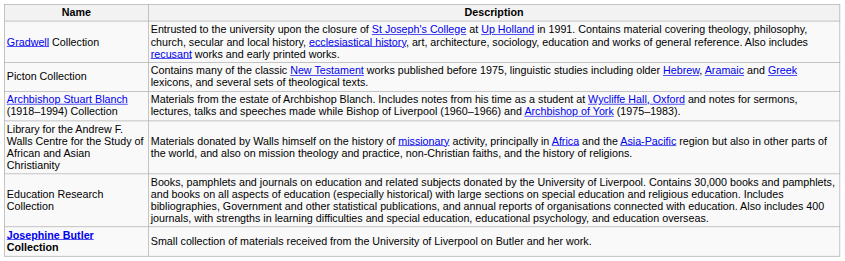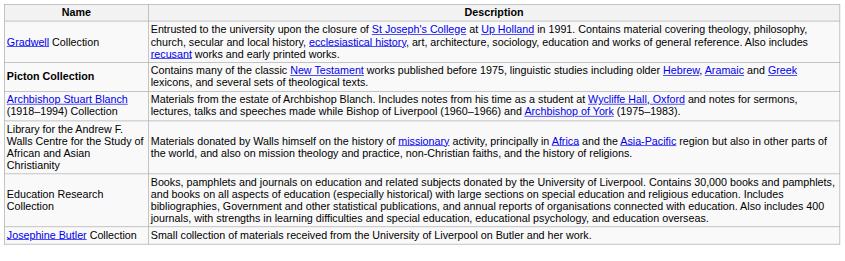 <table class="wikitable">
 <tr>
 <th>Name</th>
 <th>Description</th>
 </tr>
 <tr>
 <td><a href='#'>Gradwell</a> Collection</td>
 <td>Entrusted to the university upon the closure of <a href='#'>St Joseph's College</a> at <a href='#'>Up Holland</a> in 1991. Contains material covering theology, philosophy, church, secular and local history, <a href='#'>ecclesiastical history</a>, art, architecture, sociology, education and works of general reference. Also includes <a href='#'>recusant</a> works and early printed works.</td>
 </tr>
 <tr>
-<td>Picton Collection</td>
+<td><strong>Picton Collection</strong></td>
 <td>Contains many of the classic <a href='#'>New Testament</a> works published before 1975, linguistic studies including older <a href='#'>Hebrew</a>, <a href='#'>Aramaic</a> and <a href='#'>Greek</a> lexicons, and several sets of theological texts.</td>
 </tr>
 <tr>
 <td><a href='#'>Archbishop Stuart Blanch</a> (1918–1994) Collection</td>
 <td>Materials from the estate of Archbishop Blanch. Includes notes from his time as a student at <a href='#'>Wycliffe Hall, Oxford</a> and notes for sermons, lectures, talks and speeches made while Bishop of Liverpool (1960–1966) and <a href='#'>Archbishop of York</a> (1975–1983).</td>
 </tr>
 <tr>
 <td>Library for the Andrew F. Walls Centre for the Study of African and Asian Christianity</td>
 <td>Materials donated by Walls himself on the history of <a href='#'>missionary</a> activity, principally in <a href='#'>Africa</a> and the <a href='#'>Asia-Pacific</a> region but also in other parts of the world, and also on mission theology and practice, non-Christian faiths, and the history of religions.</td>
 </tr>
 <tr>
 <td>Education Research Collection</td>
 <td>Books, pamphlets and journals on education and related subjects donated by the University of Liverpool. Contains 30,000 books and pamphlets, and books on all aspects of education (especially historical) with large sections on special education and religious education. Includes bibliographies, Government and other statistical publications, and annual reports of organisations connected with education. Also includes 400 journals, with strengths in learning difficulties and special education, educational psychology, and education overseas.</td>
 </tr>
 <tr>
-<td><strong><a href='#'>Josephine Butler</a> Collection</strong></td>
+<td><a href='#'>Josephine Butler</a> Collection</td>
 <td>Small collection of materials received from the University of Liverpool on Butler and her work.</td>
 </tr>
 </table>
